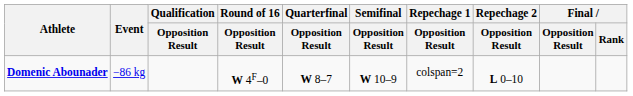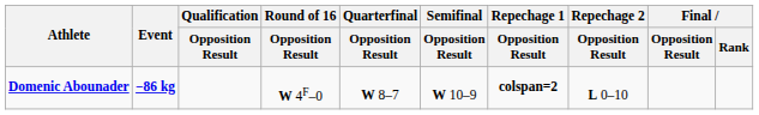 <table class=wikitable style=font-size:85%;text-align:center>
 <tr>
 <th rowspan="2">Athlete</th>
 <th rowspan="2">Event</th>
 <th>Qualification</th>
 <th>Round of 16</th>
 <th>Quarterfinal</th>
 <th>Semifinal</th>
 <th>Repechage 1</th>
 <th>Repechage 2</th>
 <th colspan=2>Final / </th>
 </tr>
 <tr style="font-size: 95%">
 <th>Opposition<br>Result</th>
 <th>Opposition<br>Result</th>
 <th>Opposition<br>Result</th>
 <th>Opposition<br>Result</th>
 <th>Opposition<br>Result</th>
 <th>Opposition<br>Result</th>
 <th>Opposition<br>Result</th>
 <th>Rank</th>
 </tr>
 <tr>
 <td align=left><strong><a href='#'>Domenic Abounader</a></strong></td>
-<td align=left><a href='#'>−86 kg</a></td>
+<td align=left><strong><a href='#'>−86 kg</a></strong></td>
 <td></td>
 <td><br><strong>W</strong> 4<sup>F</sup>–0</td>
 <td><br><strong>W</strong> 8–7</td>
 <td><br><strong>W</strong> 10–9</td>
-<td>colspan=2 </td>
+<td><strong>colspan=2 </strong></td>
 <td><br><strong>L</strong> 0–10</td>
 <td></td>
 </tr>
 </table>
